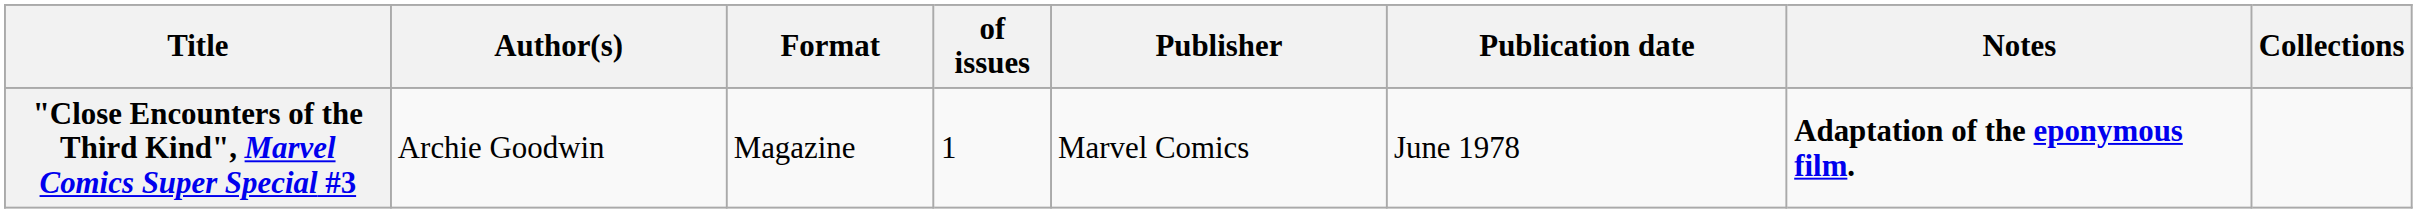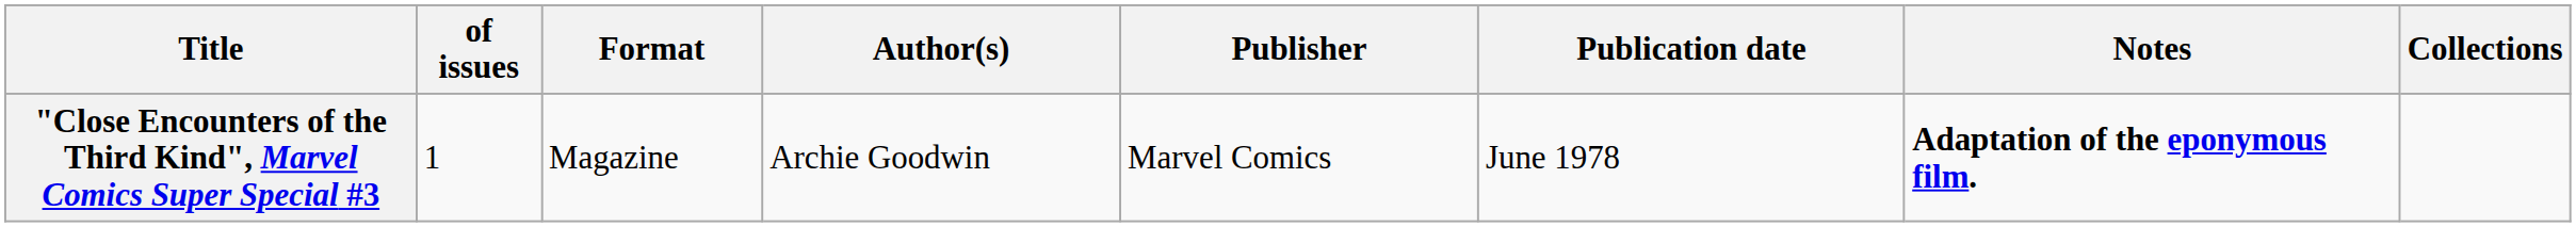 <table class="wikitable">
 <tr>
 <th>Title</th>
+<th style="width:40pt"> of issues</th>
+<th style="width:75pt">Format</th>
 <th style="width:125pt">Author(s)</th>
-<th style="width:75pt">Format</th>
-<th style="width:40pt"> of issues</th>
 <th style="width:125pt">Publisher</th>
 <th style="width:150pt">Publication date</th>
 <th style="width:175pt">Notes</th>
 <th>Collections</th>
 </tr>
 <tr>
 <th>"Close Encounters of the Third Kind", <a href='#'><em>Marvel Comics Super Special</em> #3</a></th>
+<td>1</td>
+<td>Magazine</td>
 <td>Archie Goodwin</td>
-<td>Magazine</td>
-<td>1</td>
 <td>Marvel Comics</td>
 <td>June 1978</td>
 <td><strong>Adaptation of the <a href='#'>eponymous film</a>.</strong></td>
 <td></td>
 </tr>
 </table>
